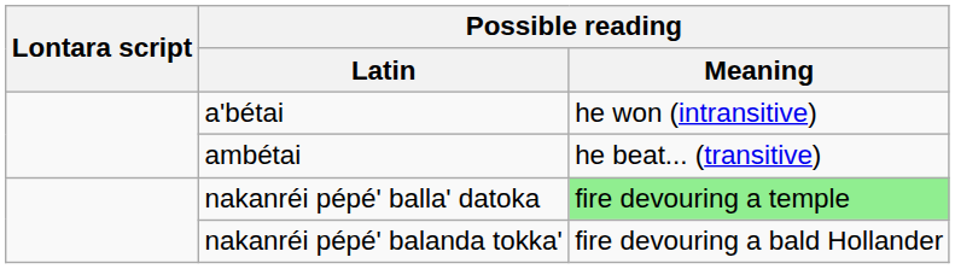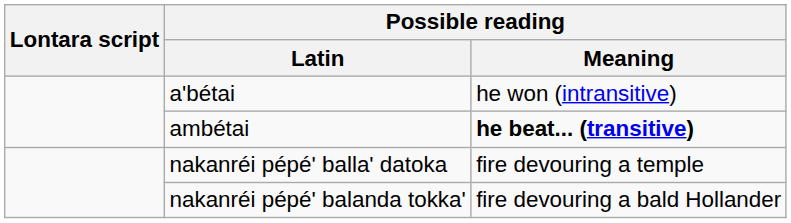 <table class="wikitable">
 <tr>
 <th rowspan=2 style="text-align: center">Lontara script</th>
 <th colspan=2 style="text-align: center">Possible reading</th>
 </tr>
 <tr>
 <th style="text-align: center">Latin</th>
 <th style="text-align: center">Meaning</th>
 </tr>
 <tr>
 <td rowspan=2 style="text-align: center"></td>
 <td>a'bétai</td>
 <td>he won (<a href='#'>intransitive</a>)</td>
 </tr>
 <tr>
 <td>ambétai</td>
-<td>he beat... (<a href='#'>transitive</a>)</td>
+<td><strong>he beat... (<a href='#'>transitive</a>)</strong></td>
 </tr>
 <tr>
 <td rowspan=2 style="text-align: center"></td>
 <td>nakanréi pépé' balla' datoka</td>
-<td style="background: lightgreen;">fire devouring a temple</td>
+<td>fire devouring a temple</td>
 </tr>
 <tr>
 <td>nakanréi pépé' balanda tokka'</td>
 <td>fire devouring a bald Hollander</td>
 </tr>
 </table>
